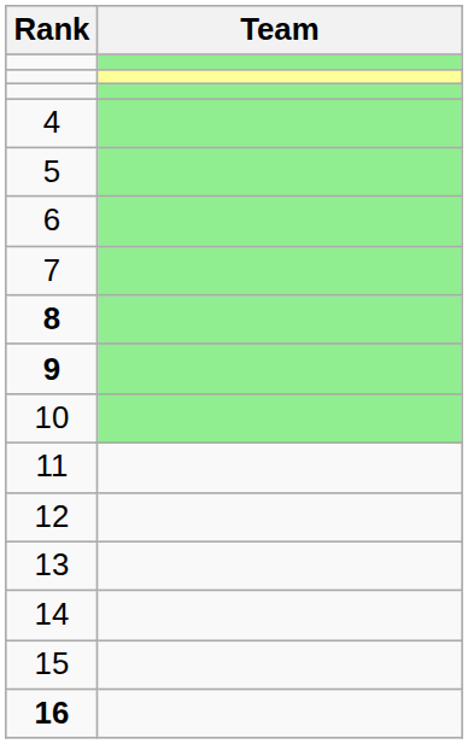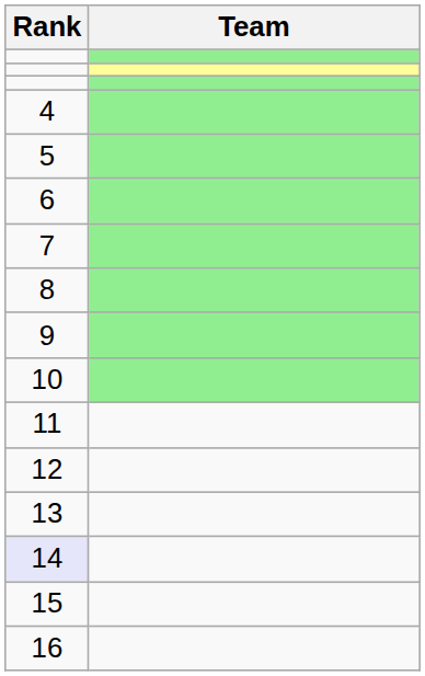 <table class="wikitable" style="text-align: center;">
 <tr>
 <th width=40>Rank</th>
 <th width=180>Team</th>
 </tr>
 <tr>
 <td></td>
 <td bgcolor=lightgreen align=left></td>
 </tr>
 <tr>
 <td></td>
 <td bgcolor=#FFFF99 align=left></td>
 </tr>
 <tr>
 <td></td>
 <td bgcolor=lightgreen align=left></td>
 </tr>
 <tr>
 <td>4</td>
 <td bgcolor=lightgreen align=left></td>
 </tr>
 <tr>
 <td>5</td>
 <td bgcolor=lightgreen align=left></td>
 </tr>
 <tr>
 <td>6</td>
 <td bgcolor=lightgreen align=left></td>
 </tr>
 <tr>
 <td>7</td>
 <td bgcolor=lightgreen align=left></td>
 </tr>
 <tr>
-<td><strong>8</strong></td>
+<td>8</td>
 <td bgcolor=lightgreen align=left></td>
 </tr>
 <tr>
-<td><strong>9</strong></td>
+<td>9</td>
 <td bgcolor=lightgreen align=left></td>
 </tr>
 <tr>
 <td>10</td>
 <td bgcolor=lightgreen align=left></td>
 </tr>
 <tr>
 <td>11</td>
 <td align=left></td>
 </tr>
 <tr>
 <td>12</td>
 <td align=left></td>
 </tr>
 <tr>
 <td>13</td>
 <td align=left></td>
 </tr>
 <tr>
-<td>14</td>
+<td style="background: lavender;">14</td>
 <td align=left></td>
 </tr>
 <tr>
 <td>15</td>
 <td align=left></td>
 </tr>
 <tr>
-<td><strong>16</strong></td>
+<td>16</td>
 <td align=left></td>
 </tr>
 </table>
